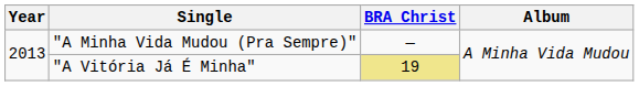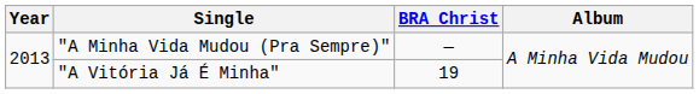 <table class="wikitable">
 <tr>
 <th>Year</th>
 <th>Single</th>
 <th><a href='#'>BRA Christ</a></th>
 <th>Album</th>
 </tr>
 <tr>
 <td align="center" rowspan="2">2013</td>
 <td align="left">"A Minha Vida Mudou (Pra Sempre)"</td>
 <td align="center" rowspan="1">—</td>
 <td align="center" rowspan="2"><em>A Minha Vida Mudou</em></td>
 </tr>
 <tr>
 <td align="left">"A Vitória Já É Minha"</td>
-<td align="center" rowspan="1" style="background: khaki;">19</td>
+<td align="center" rowspan="1">19</td>
 </tr>
 </table>
